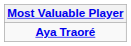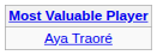 <table class=wikitable style="text-align:center; margin:auto">
 <tr>
 <th><a href='#'>Most Valuable Player</a></th>
 </tr>
 <tr>
-<td><strong> <a href='#'>Aya Traoré</a></strong></td>
+<td> <a href='#'>Aya Traoré</a></td>
 </tr>
 </table>
